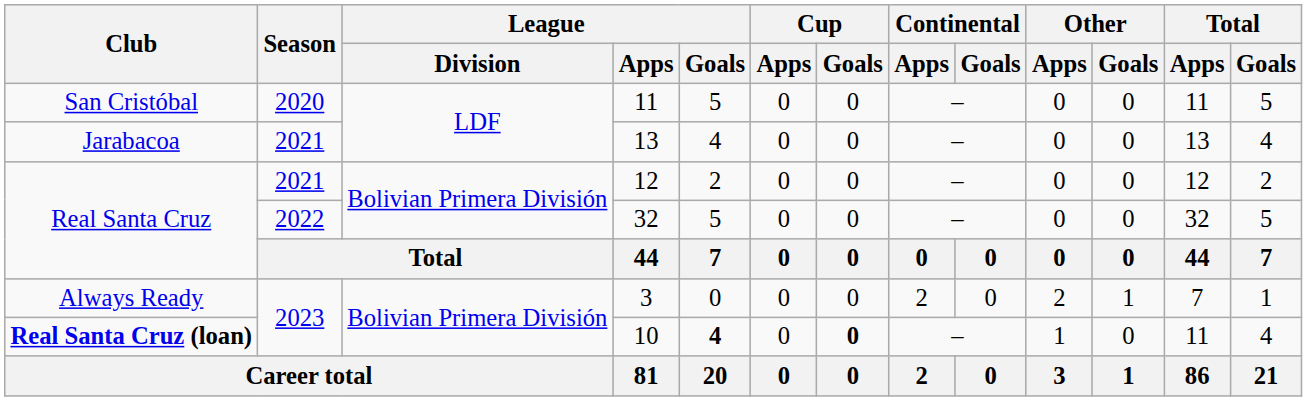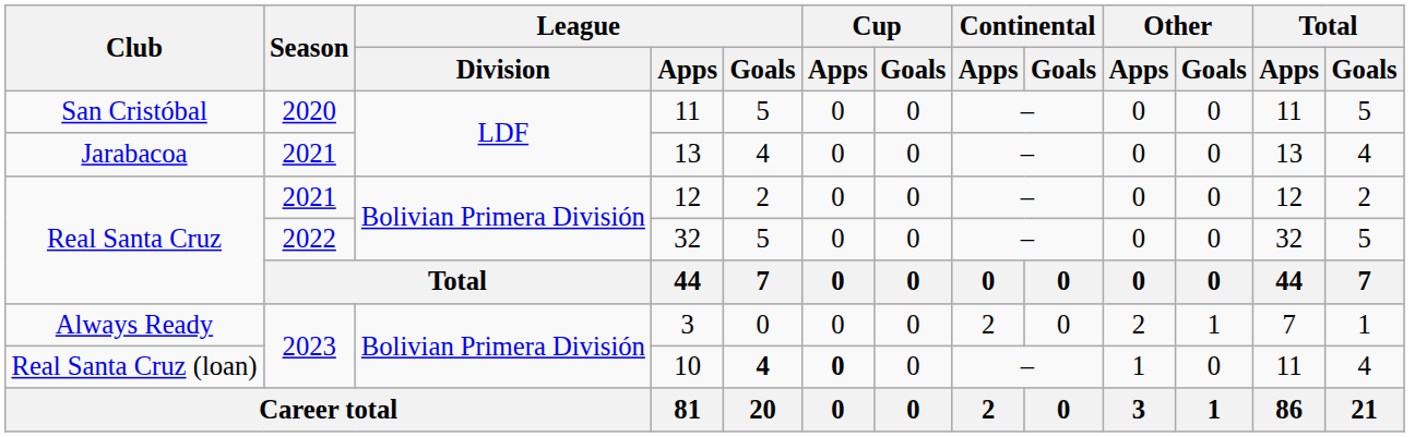 <table class=wikitable style=text-align:center>
 <tr>
 <th rowspan="2">Club</th>
 <th rowspan="2">Season</th>
 <th colspan="3">League</th>
 <th colspan="2">Cup</th>
 <th colspan="2">Continental</th>
 <th colspan="2">Other</th>
 <th colspan="2">Total</th>
 </tr>
 <tr>
 <th>Division</th>
 <th>Apps</th>
 <th>Goals</th>
 <th>Apps</th>
 <th>Goals</th>
 <th>Apps</th>
 <th>Goals</th>
 <th>Apps</th>
 <th>Goals</th>
 <th>Apps</th>
 <th>Goals</th>
 </tr>
 <tr>
 <td><a href='#'>San Cristóbal</a></td>
 <td><a href='#'>2020</a></td>
 <td rowspan="2"><a href='#'>LDF</a></td>
 <td>11</td>
 <td>5</td>
 <td>0</td>
 <td>0</td>
 <td colspan="2">–</td>
 <td>0</td>
 <td>0</td>
 <td>11</td>
 <td>5</td>
 </tr>
 <tr>
 <td><a href='#'>Jarabacoa</a></td>
 <td><a href='#'>2021</a></td>
 <td>13</td>
 <td>4</td>
 <td>0</td>
 <td>0</td>
 <td colspan="2">–</td>
 <td>0</td>
 <td>0</td>
 <td>13</td>
 <td>4</td>
 </tr>
 <tr>
 <td rowspan="3"><a href='#'>Real Santa Cruz</a></td>
 <td><a href='#'>2021</a></td>
 <td rowspan="2"><a href='#'>Bolivian Primera División</a></td>
 <td>12</td>
 <td>2</td>
 <td>0</td>
 <td>0</td>
 <td colspan="2">–</td>
 <td>0</td>
 <td>0</td>
 <td>12</td>
 <td>2</td>
 </tr>
 <tr>
 <td><a href='#'>2022</a></td>
 <td>32</td>
 <td>5</td>
 <td>0</td>
 <td>0</td>
 <td colspan="2">–</td>
 <td>0</td>
 <td>0</td>
 <td>32</td>
 <td>5</td>
 </tr>
 <tr>
 <th colspan="2"><strong>Total</strong></th>
 <th>44</th>
 <th>7</th>
 <th>0</th>
 <th>0</th>
 <th>0</th>
 <th>0</th>
 <th>0</th>
 <th>0</th>
 <th>44</th>
 <th>7</th>
 </tr>
 <tr>
 <td><a href='#'>Always Ready</a></td>
 <td rowspan="2"><a href='#'>2023</a></td>
 <td rowspan="2"><a href='#'>Bolivian Primera División</a></td>
 <td>3</td>
 <td>0</td>
 <td>0</td>
 <td>0</td>
 <td>2</td>
 <td>0</td>
 <td>2</td>
 <td>1</td>
 <td>7</td>
 <td>1</td>
 </tr>
 <tr>
-<td><strong><a href='#'>Real Santa Cruz</a> (loan)</strong></td>
+<td><a href='#'>Real Santa Cruz</a> (loan)</td>
 <td>10</td>
 <td><strong>4</strong></td>
+<td><strong>0</strong></td>
 <td>0</td>
-<td><strong>0</strong></td>
 <td colspan="2">–</td>
 <td>1</td>
 <td>0</td>
 <td>11</td>
 <td>4</td>
 </tr>
 <tr>
 <th colspan="3"><strong>Career total</strong></th>
 <th>81</th>
 <th>20</th>
 <th>0</th>
 <th>0</th>
 <th>2</th>
 <th>0</th>
 <th>3</th>
 <th>1</th>
 <th>86</th>
 <th>21</th>
 </tr>
 </table>
